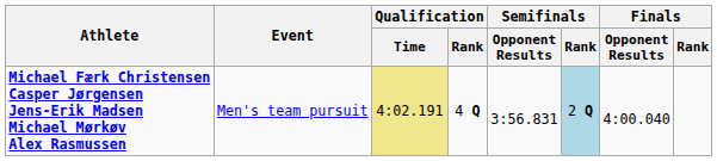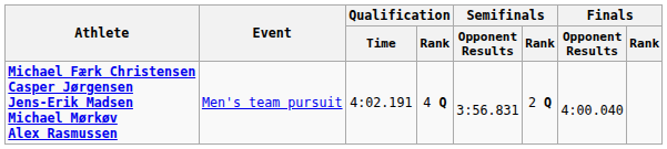 <table class=wikitable style="font-size:90%">
 <tr>
 <th rowspan="2">Athlete</th>
 <th rowspan="2">Event</th>
 <th colspan="2">Qualification</th>
 <th colspan="2">Semifinals</th>
 <th colspan="2">Finals</th>
 </tr>
 <tr style="font-size:95%">
 <th>Time</th>
 <th>Rank</th>
 <th>Opponent<br>Results</th>
 <th>Rank</th>
 <th>Opponent<br>Results</th>
 <th>Rank</th>
 </tr>
 <tr align=center>
 <td align=left><strong><a href='#'>Michael Færk Christensen</a><br><a href='#'>Casper Jørgensen</a><br><a href='#'>Jens-Erik Madsen</a><br><a href='#'>Michael Mørkøv</a><br><a href='#'>Alex Rasmussen</a></strong></td>
 <td align=left><a href='#'>Men's team pursuit</a></td>
-<td style="background: khaki;">4:02.191</td>
+<td>4:02.191</td>
 <td>4 <strong>Q</strong></td>
 <td><br>3:56.831</td>
-<td style="background: lightblue;">2 <strong>Q</strong></td>
+<td>2 <strong>Q</strong></td>
 <td><br>4:00.040</td>
 <td></td>
 </tr>
 </table>
